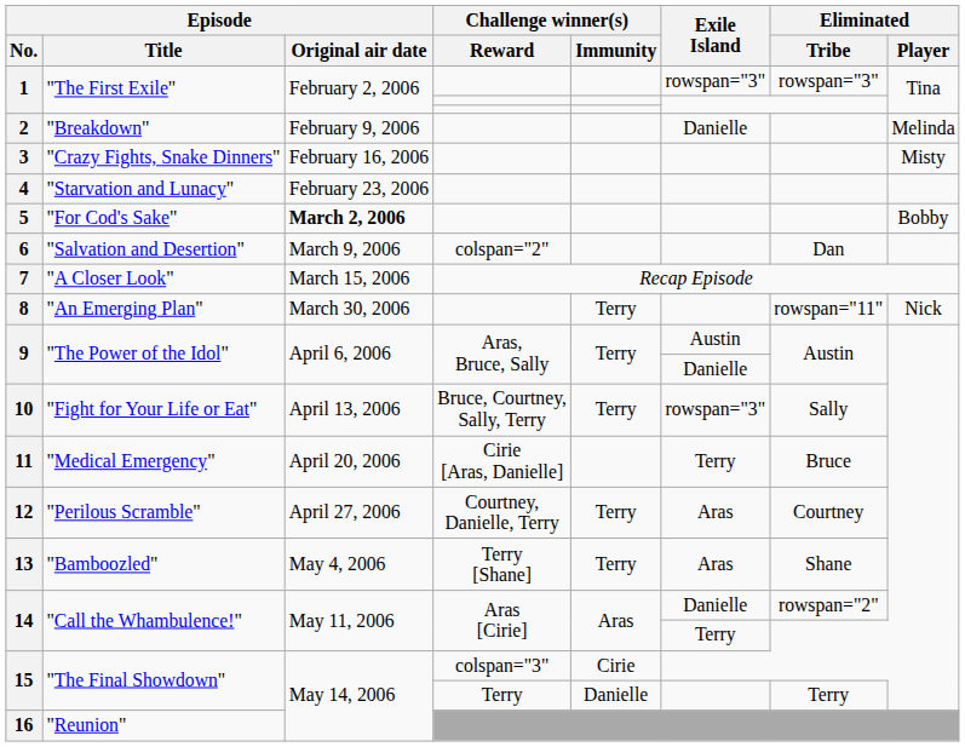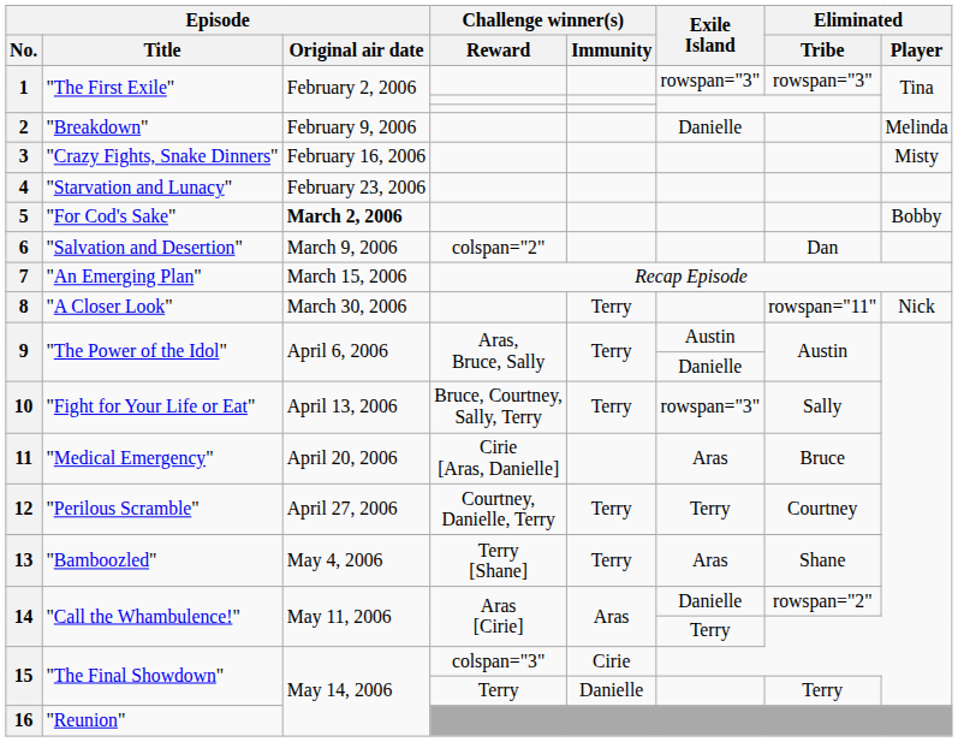 <table class="wikitable" style="margin:auto; text-align:center">
 <tr>
 <th scope="col" colspan="3">Episode</th>
 <th scope="col" colspan="2">Challenge winner(s)</th>
 <th scope="col" rowspan="2">Exile<br>Island</th>
 <th colspan="2">Eliminated</th>
 </tr>
 <tr>
 <th scope="col">No.</th>
 <th scope="col">Title</th>
 <th scope="col">Original air date</th>
 <th scope="col">Reward</th>
 <th scope="col">Immunity</th>
 <th scope="col">Tribe</th>
 <th scope="col">Player</th>
 </tr>
 <tr>
 <th rowspan="3">1</th>
 <td align="left" rowspan=3>"<a href='#'>The First Exile</a>"</td>
 <td align="left" rowspan=3>February 2, 2006</td>
 <td></td>
 <td></td>
 <td>rowspan="3" </td>
 <td>rowspan="3" </td>
 <td rowspan="3">Tina</td>
 </tr>
 <tr>
 <td></td>
 <td></td>
 </tr>
 <tr>
 <td></td>
 <td></td>
 </tr>
 <tr>
 <th>2</th>
 <td align="left">"<a href='#'>Breakdown</a>"</td>
 <td align="left">February 9, 2006</td>
 <td></td>
 <td></td>
 <td>Danielle</td>
 <td></td>
 <td>Melinda</td>
 </tr>
 <tr>
 <th>3</th>
 <td align="left">"<a href='#'>Crazy Fights, Snake Dinners</a>"</td>
 <td align="left">February 16, 2006</td>
 <td></td>
 <td></td>
 <td></td>
 <td></td>
 <td>Misty</td>
 </tr>
 <tr>
 <th>4</th>
 <td align="left">"<a href='#'>Starvation and Lunacy</a>"</td>
 <td align="left">February 23, 2006</td>
 <td></td>
 <td></td>
 <td></td>
 <td></td>
 <td></td>
 </tr>
 <tr>
 <th>5</th>
 <td align="left">"<a href='#'>For Cod's Sake</a>"</td>
 <td align="left"><strong>March 2, 2006</strong></td>
 <td></td>
 <td></td>
 <td></td>
 <td></td>
 <td>Bobby</td>
 </tr>
 <tr>
 <th>6</th>
 <td align="left">"<a href='#'>Salvation and Desertion</a>"</td>
 <td align="left">March 9, 2006</td>
 <td>colspan="2" </td>
 <td></td>
 <td></td>
 <td>Dan</td>
 </tr>
 <tr>
 <th>7</th>
-<td align="left">"<a href='#'>A Closer Look</a>"</td>
+<td align="left">"<a href='#'>An Emerging Plan</a>"</td>
 <td align="left">March 15, 2006</td>
 <td colspan="5"><em>Recap Episode</em></td>
 </tr>
 <tr>
 <th>8</th>
-<td align="left">"<a href='#'>An Emerging Plan</a>"</td>
+<td align="left">"<a href='#'>A Closer Look</a>"</td>
 <td align="left">March 30, 2006</td>
 <td></td>
 <td>Terry</td>
 <td></td>
 <td>rowspan="11" </td>
 <td>Nick</td>
 </tr>
 <tr>
 <th rowspan="2">9</th>
 <td align="left" rowspan="2">"<a href='#'>The Power of the Idol</a>"</td>
 <td align="left" rowspan="2">April 6, 2006</td>
 <td rowspan="2">Aras,<br>Bruce, Sally</td>
 <td rowspan="2">Terry</td>
 <td>Austin</td>
 <td rowspan="2">Austin</td>
 </tr>
 <tr>
 <td>Danielle</td>
 </tr>
 <tr>
 <th>10</th>
 <td align="left">"<a href='#'>Fight for Your Life or Eat</a>"</td>
 <td align="left">April 13, 2006</td>
 <td>Bruce, Courtney,<br>Sally, Terry</td>
 <td>Terry</td>
 <td>rowspan="3" </td>
 <td>Sally</td>
 </tr>
 <tr>
 <th>11</th>
 <td align="left">"<a href='#'>Medical Emergency</a>"</td>
 <td align="left">April 20, 2006</td>
 <td>Cirie<br>[Aras, Danielle]</td>
 <td></td>
-<td>Terry</td>
+<td>Aras</td>
 <td>Bruce</td>
 </tr>
 <tr>
 <th>12</th>
 <td align="left">"<a href='#'>Perilous Scramble</a>"</td>
 <td align="left">April 27, 2006</td>
 <td>Courtney,<br>Danielle, Terry</td>
 <td>Terry</td>
-<td>Aras</td>
+<td>Terry</td>
 <td>Courtney</td>
 </tr>
 <tr>
 <th>13</th>
 <td align="left">"<a href='#'>Bamboozled</a>"</td>
 <td align="left">May 4, 2006</td>
 <td>Terry<br>[Shane]</td>
 <td>Terry</td>
 <td>Aras</td>
 <td>Shane</td>
 </tr>
 <tr>
 <th rowspan="2">14</th>
 <td align="left" rowspan="2">"<a href='#'>Call the Whambulence!</a>"</td>
 <td align="left" rowspan="2">May 11, 2006</td>
 <td rowspan="2">Aras<br>[Cirie]</td>
 <td rowspan="2">Aras</td>
 <td>Danielle</td>
 <td>rowspan="2" </td>
 </tr>
 <tr>
 <td>Terry</td>
 </tr>
 <tr>
 <th rowspan="2">15</th>
 <td align="left" rowspan="2">"<a href='#'>The Final Showdown</a>"</td>
 <td rowspan="3" align="left">May 14, 2006</td>
 <td>colspan="3" </td>
 <td>Cirie</td>
 </tr>
 <tr>
 <td>Terry</td>
 <td>Danielle</td>
 <td></td>
 <td>Terry</td>
 </tr>
 <tr>
 <th>16</th>
 <td align="left">"<a href='#'>Reunion</a>"</td>
 <td colspan="5" bgcolor="darkgray"></td>
 </tr>
 </table>
